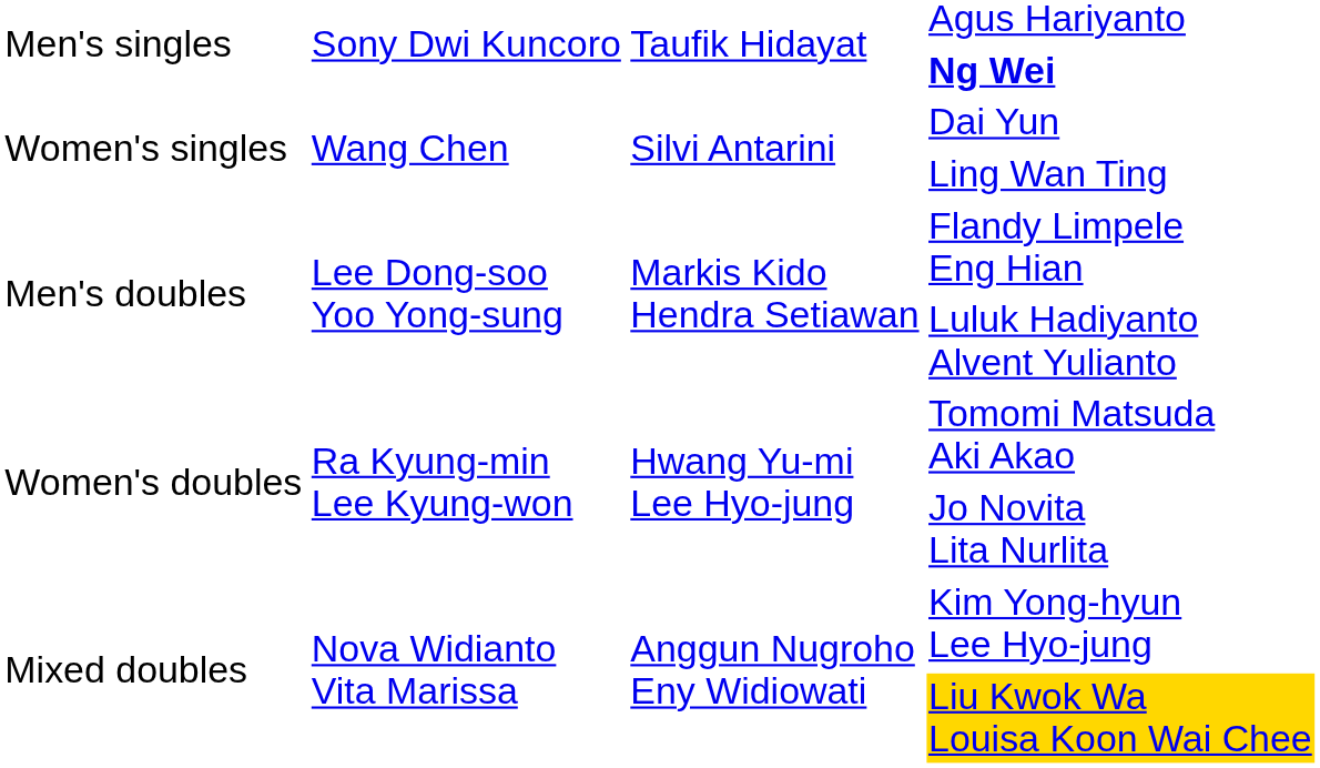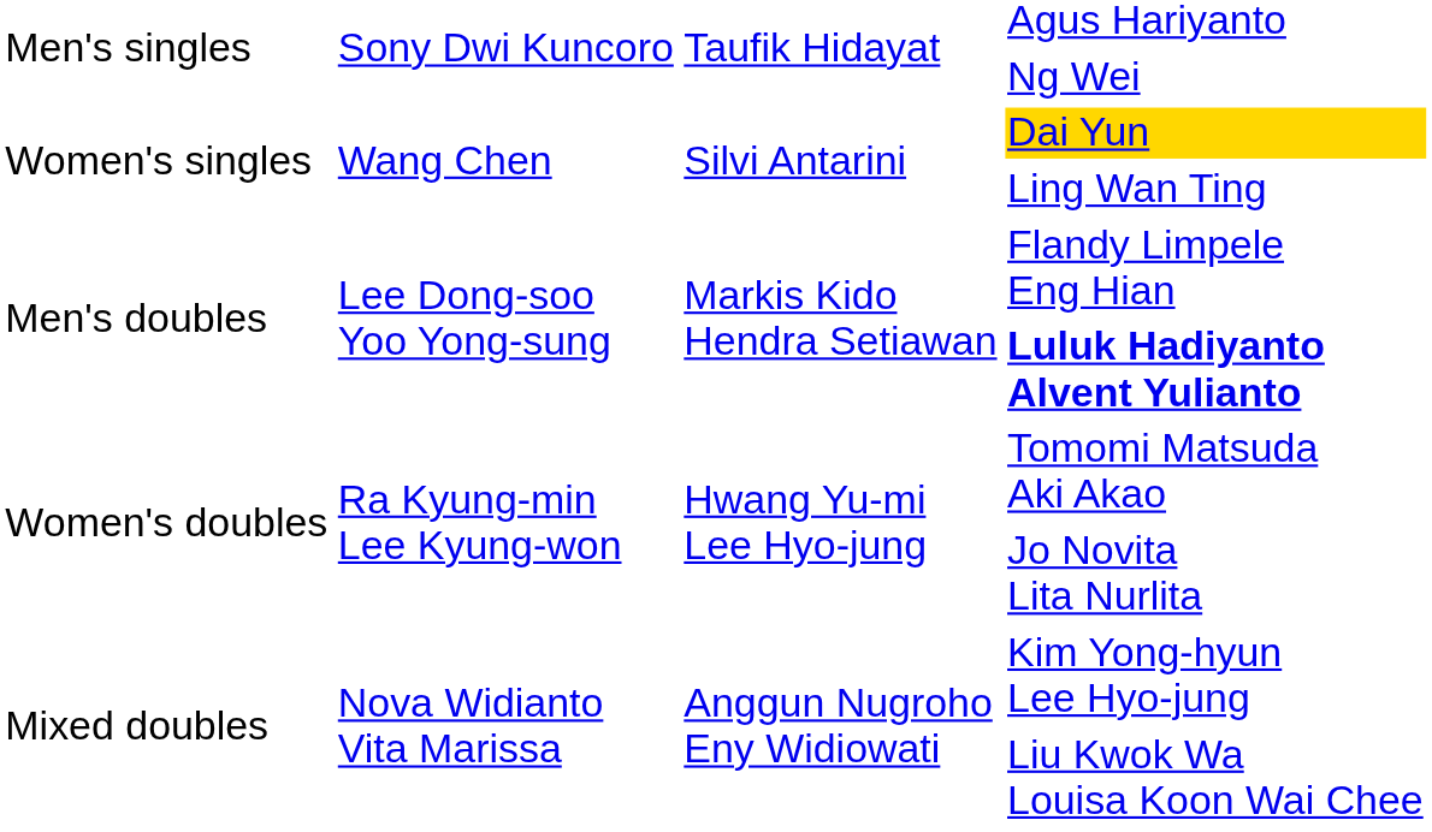 <table>
 <tr>
 <td rowspan="2">Men's singles</td>
 <td rowspan="2"> <a href='#'>Sony Dwi Kuncoro</a></td>
 <td rowspan="2"> <a href='#'>Taufik Hidayat</a></td>
 <td> <a href='#'>Agus Hariyanto</a></td>
 </tr>
 <tr>
-<td><strong> <a href='#'>Ng Wei</a></strong></td>
+<td> <a href='#'>Ng Wei</a></td>
 </tr>
 <tr>
 <td rowspan="2">Women's singles</td>
 <td rowspan="2"> <a href='#'>Wang Chen</a></td>
 <td rowspan="2"> <a href='#'>Silvi Antarini</a></td>
-<td> <a href='#'>Dai Yun</a></td>
+<td style="background: gold;"> <a href='#'>Dai Yun</a></td>
 </tr>
 <tr>
 <td> <a href='#'>Ling Wan Ting</a></td>
 </tr>
 <tr>
 <td rowspan="2">Men's doubles</td>
 <td rowspan="2"> <a href='#'>Lee Dong-soo</a> <br>  <a href='#'>Yoo Yong-sung</a></td>
 <td rowspan="2"> <a href='#'>Markis Kido</a><br>  <a href='#'>Hendra Setiawan</a></td>
 <td> <a href='#'>Flandy Limpele</a><br>  <a href='#'>Eng Hian</a></td>
 </tr>
 <tr>
-<td> <a href='#'>Luluk Hadiyanto</a> <br>  <a href='#'>Alvent Yulianto</a></td>
+<td><strong> <a href='#'>Luluk Hadiyanto</a> <br>  <a href='#'>Alvent Yulianto</a></strong></td>
 </tr>
 <tr>
 <td rowspan="2">Women's doubles</td>
 <td rowspan="2"> <a href='#'>Ra Kyung-min</a> <br>  <a href='#'>Lee Kyung-won</a></td>
 <td rowspan="2"><a href='#'>Hwang Yu-mi</a><br>  <a href='#'>Lee Hyo-jung</a></td>
 <td> <a href='#'>Tomomi Matsuda</a><br>  <a href='#'>Aki Akao</a></td>
 </tr>
 <tr>
 <td> <a href='#'>Jo Novita</a><br>  <a href='#'>Lita Nurlita</a></td>
 </tr>
 <tr>
 <td rowspan="2">Mixed doubles</td>
 <td rowspan="2"> <a href='#'>Nova Widianto</a> <br>  <a href='#'>Vita Marissa</a></td>
 <td rowspan="2"> <a href='#'>Anggun Nugroho</a><br>  <a href='#'>Eny Widiowati</a></td>
 <td> <a href='#'>Kim Yong-hyun</a> <br>  <a href='#'>Lee Hyo-jung</a></td>
 </tr>
 <tr>
-<td style="background: gold;"> <a href='#'>Liu Kwok Wa</a><br>  <a href='#'>Louisa Koon Wai Chee</a></td>
+<td> <a href='#'>Liu Kwok Wa</a><br>  <a href='#'>Louisa Koon Wai Chee</a></td>
 </tr>
 </table>
